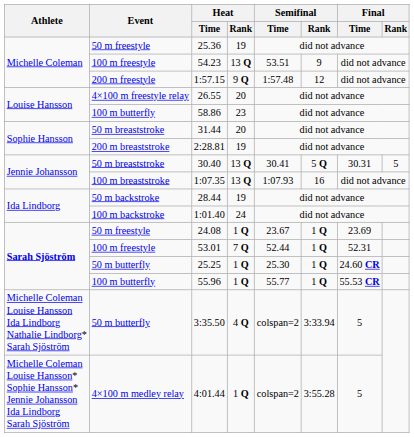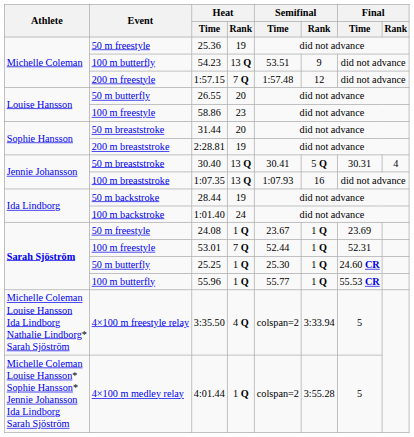 <table class=wikitable style="font-size:90%">
 <tr>
 <th rowspan="2">Athlete</th>
 <th rowspan="2">Event</th>
 <th colspan="2">Heat</th>
 <th colspan="2">Semifinal</th>
 <th colspan="2">Final</th>
 </tr>
 <tr style="font-size:95%">
 <th>Time</th>
 <th>Rank</th>
 <th>Time</th>
 <th>Rank</th>
 <th>Time</th>
 <th>Rank</th>
 </tr>
 <tr align=center>
 <td align=left rowspan=3><a href='#'>Michelle Coleman</a></td>
 <td align=left><a href='#'>50 m freestyle</a></td>
 <td>25.36</td>
 <td>19</td>
 <td colspan=4>did not advance</td>
 </tr>
 <tr align=center>
-<td align=left><a href='#'>100 m freestyle</a></td>
+<td align=left><a href='#'>100 m butterfly</a></td>
 <td>54.23</td>
 <td>13 <strong>Q</strong></td>
 <td>53.51</td>
 <td>9</td>
 <td colspan=2>did not advance</td>
 </tr>
 <tr align=center>
 <td align=left><a href='#'>200 m freestyle</a></td>
 <td>1:57.15</td>
-<td>9 <strong>Q</strong></td>
+<td>7 <strong>Q</strong></td>
 <td>1:57.48</td>
 <td>12</td>
 <td colspan=2>did not advance</td>
 </tr>
 <tr align=center>
 <td align=left rowspan=2><a href='#'>Louise Hansson</a></td>
-<td align=left><a href='#'>4×100 m freestyle relay</a></td>
+<td align=left><a href='#'>50 m butterfly</a></td>
 <td>26.55</td>
 <td>20</td>
 <td colspan=4>did not advance</td>
 </tr>
 <tr align=center>
-<td align=left><a href='#'>100 m butterfly</a></td>
+<td align=left><a href='#'>100 m freestyle</a></td>
 <td>58.86</td>
 <td>23</td>
 <td colspan=4>did not advance</td>
 </tr>
 <tr align=center>
 <td align=left rowspan=2><a href='#'>Sophie Hansson</a></td>
 <td align=left><a href='#'>50 m breaststroke</a></td>
 <td>31.44</td>
 <td>20</td>
 <td colspan=4>did not advance</td>
 </tr>
 <tr align=center>
 <td align=left><a href='#'>200 m breaststroke</a></td>
 <td>2:28.81</td>
 <td>19</td>
 <td colspan=4>did not advance</td>
 </tr>
 <tr align=center>
 <td align=left rowspan=2><a href='#'>Jennie Johansson</a></td>
 <td align=left><a href='#'>50 m breaststroke</a></td>
 <td>30.40</td>
 <td>13 <strong>Q</strong></td>
 <td>30.41</td>
 <td>5 <strong>Q</strong></td>
 <td>30.31</td>
-<td>5</td>
+<td>4</td>
 </tr>
 <tr align=center>
 <td align=left><a href='#'>100 m breaststroke</a></td>
 <td>1:07.35</td>
 <td>13 <strong>Q</strong></td>
 <td>1:07.93</td>
 <td>16</td>
 <td colspan=2>did not advance</td>
 </tr>
 <tr align=center>
 <td align=left rowspan=2><a href='#'>Ida Lindborg</a></td>
 <td align=left><a href='#'>50 m backstroke</a></td>
 <td>28.44</td>
 <td>19</td>
 <td colspan=4>did not advance</td>
 </tr>
 <tr align=center>
 <td align=left><a href='#'>100 m backstroke</a></td>
 <td>1:01.40</td>
 <td>24</td>
 <td colspan=4>did not advance</td>
 </tr>
 <tr align=center>
 <td align=left rowspan=4><strong><a href='#'>Sarah Sjöström</a></strong></td>
 <td align=left><a href='#'>50 m freestyle</a></td>
 <td>24.08</td>
 <td>1 <strong>Q</strong></td>
 <td>23.67 </td>
 <td>1 <strong>Q</strong></td>
 <td>23.69</td>
 <td></td>
 </tr>
 <tr align=center>
 <td align=left><a href='#'>100 m freestyle</a></td>
 <td>53.01</td>
 <td>7 <strong>Q</strong></td>
 <td>52.44</td>
 <td>1 <strong>Q</strong></td>
 <td>52.31</td>
 <td></td>
 </tr>
 <tr align=center>
 <td align=left><a href='#'>50 m butterfly</a></td>
 <td>25.25</td>
 <td>1 <strong>Q</strong></td>
 <td>25.30</td>
 <td>1 <strong>Q</strong></td>
 <td>24.60 <strong><a href='#'>CR</a></strong></td>
 <td></td>
 </tr>
 <tr align=center>
 <td align=left><a href='#'>100 m butterfly</a></td>
 <td>55.96</td>
 <td>1 <strong>Q</strong></td>
 <td>55.77</td>
 <td>1 <strong>Q</strong></td>
 <td>55.53 <strong><a href='#'>CR</a></strong></td>
 <td></td>
 </tr>
 <tr align=center>
 <td align=left><a href='#'>Michelle Coleman</a><br><a href='#'>Louise Hansson</a><br><a href='#'>Ida Lindborg</a><br><a href='#'>Nathalie Lindborg</a>*<br><a href='#'>Sarah Sjöström</a></td>
-<td align=left><a href='#'>50 m butterfly</a></td>
+<td align=left><a href='#'>4×100 m freestyle relay</a></td>
 <td>3:35.50</td>
 <td>4 <strong>Q</strong></td>
 <td>colspan=2 </td>
 <td>3:33.94</td>
 <td>5</td>
 </tr>
 <tr align=center>
 <td align=left><a href='#'>Michelle Coleman</a><br><a href='#'>Louise Hansson</a>*<br><a href='#'>Sophie Hansson</a>*<br><a href='#'>Jennie Johansson</a><br><a href='#'>Ida Lindborg</a><br><a href='#'>Sarah Sjöström</a></td>
 <td align=left><a href='#'>4×100 m medley relay</a></td>
 <td>4:01.44</td>
 <td>1 <strong>Q</strong></td>
 <td>colspan=2 </td>
 <td>3:55.28</td>
 <td>5</td>
 </tr>
 </table>
